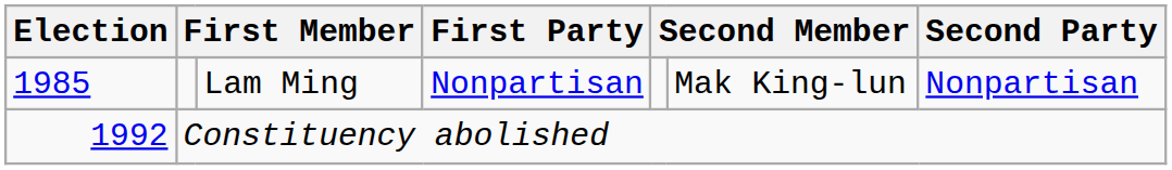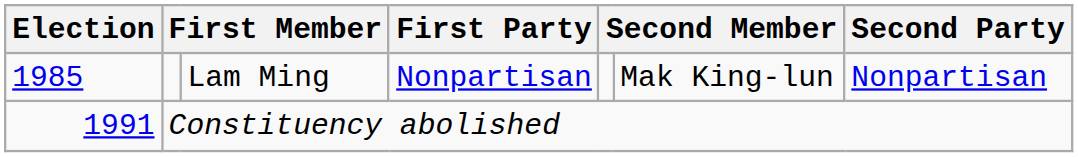 <table class="wikitable">
 <tr>
 <th>Election</th>
 <th colspan="2">First Member</th>
 <th>First Party</th>
 <th colspan="2">Second Member</th>
 <th>Second Party</th>
 </tr>
 <tr>
 <td><a href='#'>1985</a></td>
 <td style="background-color: "></td>
 <td>Lam Ming</td>
 <td><a href='#'>Nonpartisan</a></td>
 <td style="background-color: "></td>
 <td>Mak King-lun</td>
 <td><a href='#'>Nonpartisan</a></td>
 </tr>
 <tr>
-<td align=right><a href='#'>1992</a></td>
+<td align=right><a href='#'>1991</a></td>
 <td colspan=6><em>Constituency abolished</em></td>
 </tr>
 </table>
